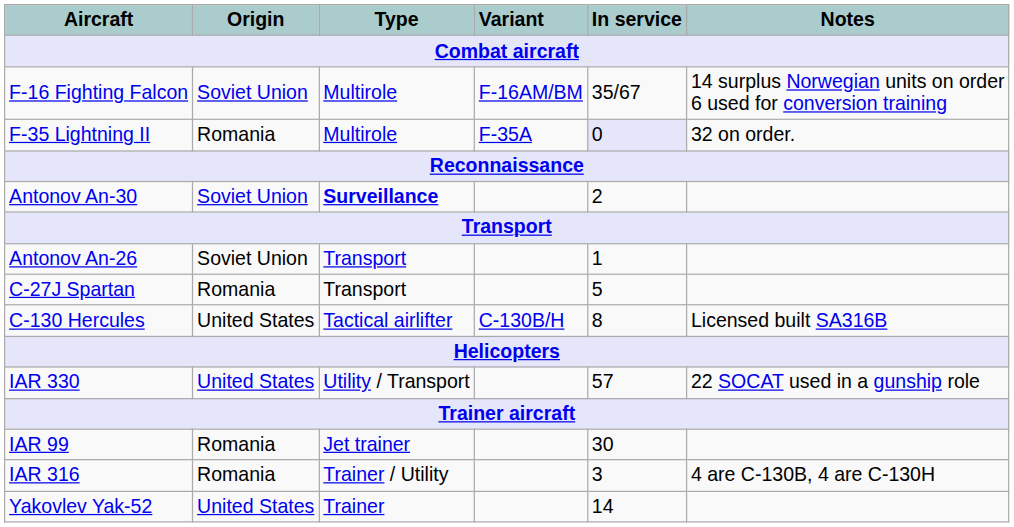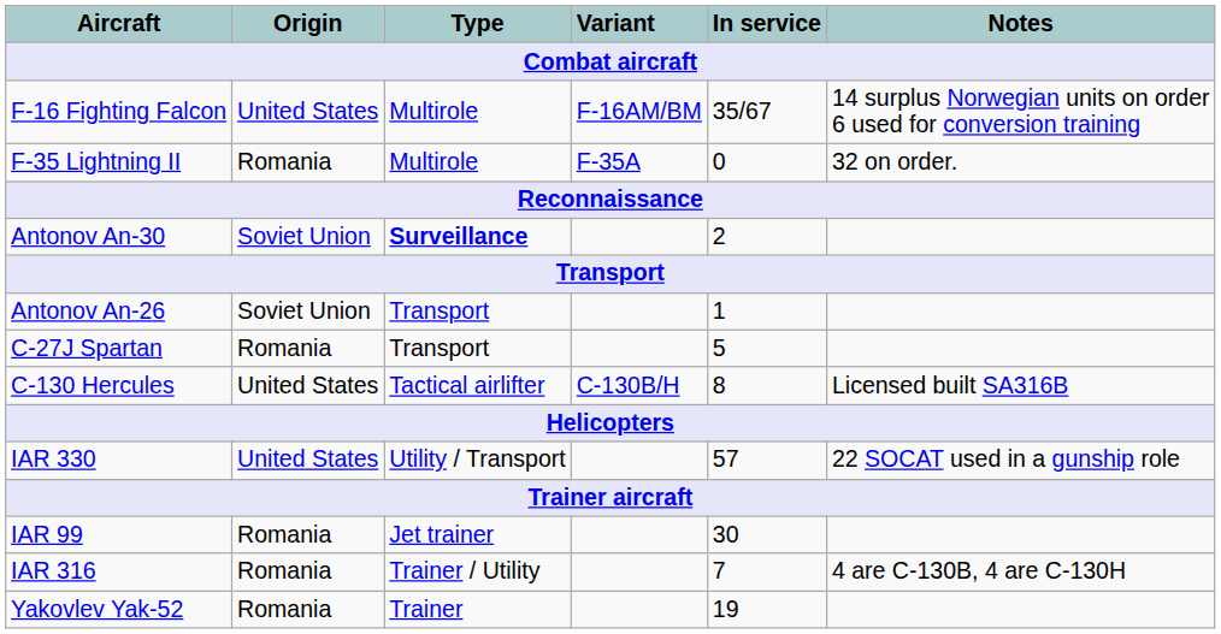 <table class="wikitable">
 <tr>
 <th style="text-align:center; background:#acc;">Aircraft</th>
 <th style="text-align: center; background:#acc;">Origin</th>
 <th style="text-align:l center; background:#acc;">Type</th>
 <th style="text-align:left; background:#acc;">Variant</th>
 <th style="text-align:center; background:#acc;">In service</th>
 <th style="text-align: center; background:#acc;">Notes</th>
 </tr>
 <tr>
 <th style="align: center; background: lavender;" colspan="7"><a href='#'>Combat aircraft</a></th>
 </tr>
 <tr>
 <td><a href='#'>F-16 Fighting Falcon</a></td>
-<td><a href='#'>Soviet Union</a></td>
+<td><a href='#'>United States</a></td>
 <td><a href='#'>Multirole</a></td>
 <td><a href='#'>F-16AM/BM</a></td>
 <td>35/67</td>
 <td>14 surplus <a href='#'>Norwegian</a> units on order<br>6 used for <a href='#'> conversion training</a></td>
 </tr>
 <tr>
 <td><a href='#'>F-35 Lightning II</a></td>
 <td>Romania</td>
 <td><a href='#'>Multirole</a></td>
 <td><a href='#'>F-35A</a></td>
-<td style="background: lavender;">0</td>
+<td>0</td>
 <td>32 on order.</td>
 </tr>
 <tr>
 <th style="align: center; background: lavender;" colspan="7"><a href='#'>Reconnaissance</a></th>
 </tr>
 <tr>
 <td><a href='#'>Antonov An-30</a></td>
 <td><a href='#'>Soviet Union</a></td>
 <td><strong><a href='#'>Surveillance</a></strong></td>
 <td></td>
 <td>2</td>
 <td></td>
 </tr>
 <tr>
 <th style="align: center; background: lavender;" colspan="7"><a href='#'>Transport</a></th>
 </tr>
 <tr>
 <td><a href='#'>Antonov An-26</a></td>
 <td>Soviet Union</td>
 <td><a href='#'>Transport</a></td>
 <td></td>
 <td>1</td>
 <td></td>
 </tr>
 <tr>
 <td><a href='#'> C-27J Spartan</a></td>
 <td>Romania</td>
 <td>Transport</td>
 <td></td>
 <td>5</td>
 <td></td>
 </tr>
 <tr>
 <td><a href='#'>C-130 Hercules</a></td>
 <td>United States</td>
 <td><a href='#'>Tactical airlifter</a></td>
 <td><a href='#'>C-130B/H</a></td>
 <td>8</td>
 <td>Licensed built <a href='#'>SA316B</a></td>
 </tr>
 <tr>
 <th style="align: center; background: lavender;" colspan="7"><a href='#'>Helicopters</a></th>
 </tr>
 <tr>
 <td><a href='#'>IAR 330</a></td>
 <td><a href='#'>United States</a></td>
 <td><a href='#'>Utility</a> / Transport</td>
 <td></td>
 <td>57</td>
 <td>22 <a href='#'>SOCAT</a> used in a <a href='#'>gunship</a> role</td>
 </tr>
 <tr>
 <th style="align: center; background: lavender;" colspan="7"><a href='#'>Trainer aircraft</a></th>
 </tr>
 <tr>
 <td><a href='#'>IAR 99</a></td>
 <td>Romania</td>
 <td><a href='#'>Jet trainer</a></td>
 <td></td>
 <td>30</td>
 <td></td>
 </tr>
 <tr>
 <td><a href='#'>IAR 316</a></td>
 <td>Romania</td>
 <td><a href='#'>Trainer</a> / Utility</td>
 <td></td>
-<td>3</td>
+<td>7</td>
 <td>4 are C-130B, 4 are C-130H</td>
 </tr>
 <tr>
 <td><a href='#'>Yakovlev Yak-52</a></td>
-<td><a href='#'>United States</a></td>
+<td>Romania</td>
 <td><a href='#'>Trainer</a></td>
 <td></td>
-<td>14</td>
+<td>19</td>
 <td></td>
 </tr>
 </table>
